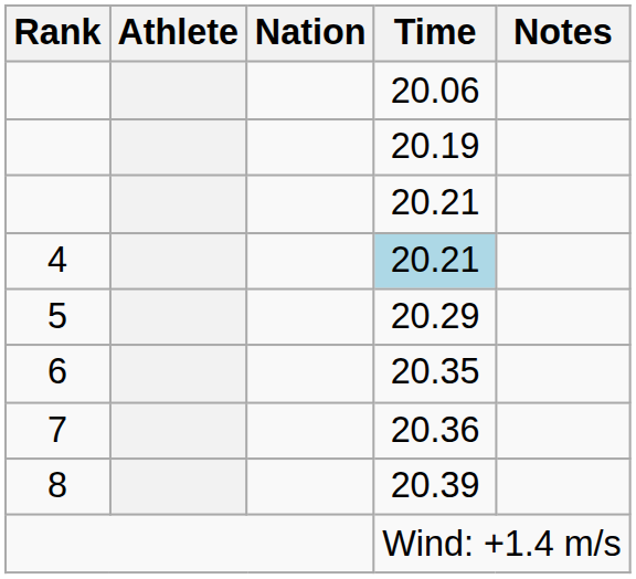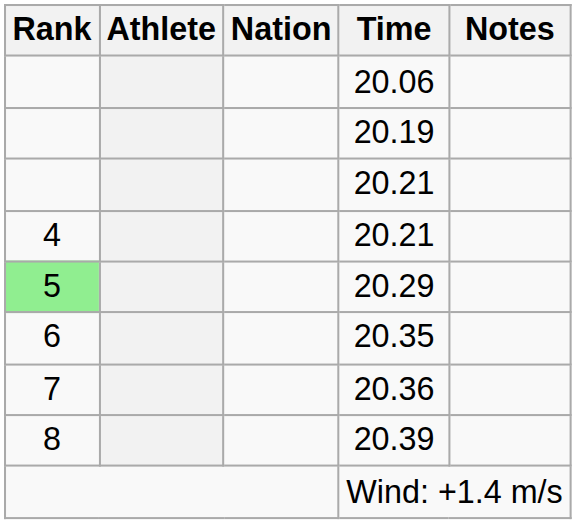 <table class="wikitable plainrowheaders sortable" style="text-align:center;">
 <tr>
 <th scope=col>Rank</th>
 <th scope=col>Athlete</th>
 <th scope=col>Nation</th>
 <th scope=col>Time</th>
 <th scope=col>Notes</th>
 </tr>
 <tr>
 <td></td>
 <th scope=row style=text-align:left;></th>
 <td align=left></td>
 <td>20.06</td>
 <td></td>
 </tr>
 <tr>
 <td></td>
 <th scope=row style=text-align:left;></th>
 <td align=left></td>
 <td>20.19</td>
 <td></td>
 </tr>
 <tr>
 <td></td>
 <th scope=row style=text-align:left;></th>
 <td align=left></td>
 <td>20.21</td>
 <td></td>
 </tr>
 <tr>
 <td>4</td>
 <th scope=row style=text-align:left;></th>
 <td align=left></td>
-<td style="background: lightblue;">20.21</td>
+<td>20.21</td>
 <td></td>
 </tr>
 <tr>
-<td>5</td>
+<td style="background: lightgreen;">5</td>
 <th scope=row style=text-align:left;></th>
 <td align=left></td>
 <td>20.29</td>
 <td></td>
 </tr>
 <tr>
 <td>6</td>
 <th scope=row style=text-align:left;></th>
 <td align=left></td>
 <td>20.35</td>
 <td></td>
 </tr>
 <tr>
 <td>7</td>
 <th scope=row style=text-align:left;></th>
 <td align=left></td>
 <td>20.36</td>
 <td></td>
 </tr>
 <tr>
 <td>8</td>
 <th scope=row style=text-align:left;></th>
 <td align=left></td>
 <td>20.39</td>
 <td></td>
 </tr>
 <tr class=sortbottom>
 <td colspan=3></td>
 <td colspan=2 style=text-align:left;>Wind: +1.4 m/s</td>
 </tr>
 </table>
